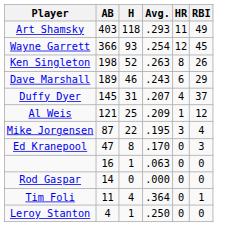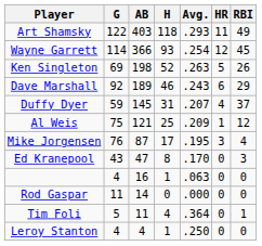 <table class="wikitable sortable">
 <tr>
 <th>Player</th>
+<th>G</th>
 <th>AB</th>
 <th>H</th>
 <th>Avg.</th>
 <th>HR</th>
 <th>RBI</th>
 </tr>
 <tr align="center">
 <td><a href='#'>Art Shamsky</a></td>
+<td>122</td>
 <td>403</td>
 <td>118</td>
 <td>.293</td>
 <td>11</td>
 <td>49</td>
 </tr>
 <tr align="center">
 <td><a href='#'>Wayne Garrett</a></td>
+<td>114</td>
 <td>366</td>
 <td>93</td>
 <td>.254</td>
 <td>12</td>
 <td>45</td>
 </tr>
 <tr align="center">
 <td><a href='#'>Ken Singleton</a></td>
+<td>69</td>
 <td>198</td>
 <td>52</td>
 <td>.263</td>
-<td>8</td>
+<td>5</td>
 <td>26</td>
 </tr>
 <tr align="center">
 <td><a href='#'>Dave Marshall</a></td>
+<td>92</td>
 <td>189</td>
 <td>46</td>
 <td>.243</td>
 <td>6</td>
 <td>29</td>
 </tr>
 <tr align="center">
 <td><a href='#'>Duffy Dyer</a></td>
+<td>59</td>
 <td>145</td>
 <td>31</td>
 <td>.207</td>
 <td>4</td>
 <td>37</td>
 </tr>
 <tr align="center">
 <td><a href='#'>Al Weis</a></td>
+<td>75</td>
 <td>121</td>
 <td>25</td>
 <td>.209</td>
 <td>1</td>
 <td>12</td>
 </tr>
 <tr align="center">
 <td><a href='#'>Mike Jorgensen</a></td>
+<td>76</td>
 <td>87</td>
-<td>22</td>
+<td>17</td>
 <td>.195</td>
 <td>3</td>
 <td>4</td>
 </tr>
 <tr align="center">
 <td><a href='#'>Ed Kranepool</a></td>
+<td>43</td>
 <td>47</td>
 <td>8</td>
 <td>.170</td>
 <td>0</td>
 <td>3</td>
 </tr>
 <tr align="center">
 <td></td>
+<td>4</td>
 <td>16</td>
 <td>1</td>
 <td>.063</td>
 <td>0</td>
 <td>0</td>
 </tr>
 <tr align="center">
 <td><a href='#'>Rod Gaspar</a></td>
+<td>11</td>
 <td>14</td>
 <td>0</td>
 <td>.000</td>
 <td>0</td>
 <td>0</td>
 </tr>
 <tr align="center">
 <td><a href='#'>Tim Foli</a></td>
+<td>5</td>
 <td>11</td>
 <td>4</td>
 <td>.364</td>
 <td>0</td>
 <td>1</td>
 </tr>
 <tr align="center">
 <td><a href='#'>Leroy Stanton</a></td>
 <td>4</td>
+<td>4</td>
 <td>1</td>
 <td>.250</td>
 <td>0</td>
 <td>0</td>
 </tr>
 </table>
